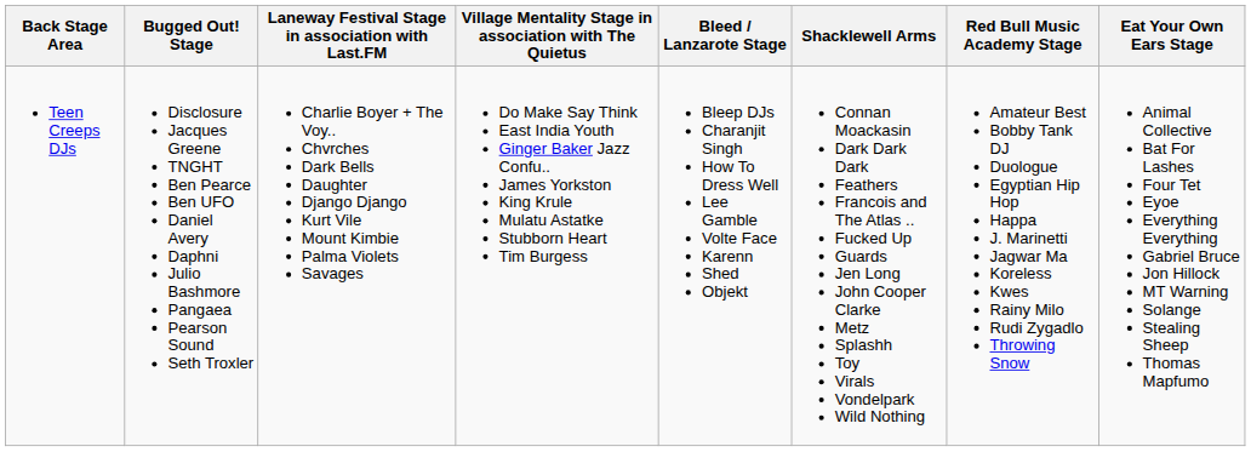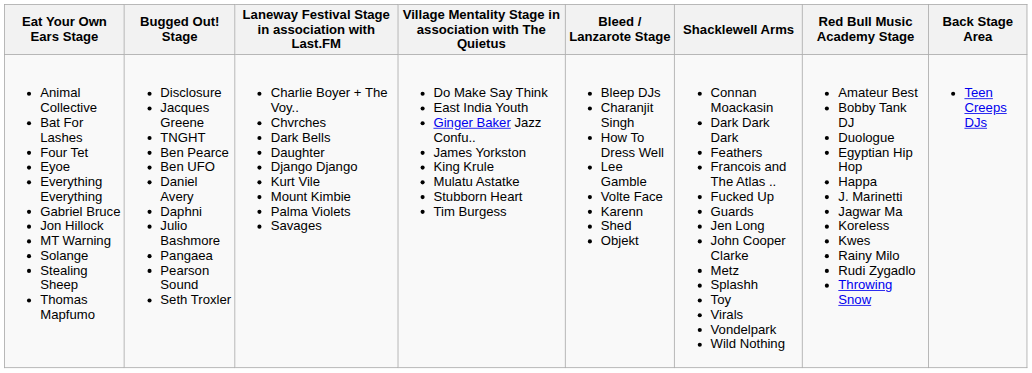 <table class="wikitable">
 <tr>
-<th>Back Stage Area</th>
+<th>Eat Your Own Ears Stage</th>
 <th>Bugged Out! Stage</th>
 <th>Laneway Festival Stage in association with Last.FM</th>
 <th>Village Mentality Stage in association with The Quietus</th>
 <th>Bleed / Lanzarote Stage</th>
 <th>Shacklewell Arms</th>
 <th>Red Bull Music Academy Stage</th>
-<th>Eat Your Own Ears Stage</th>
+<th>Back Stage Area</th>
 </tr>
 <tr valign="top">
-<td><br><ul><li><a href='#'>Teen Creeps DJs</a></li></ul></td>
+<td><br><ul><li>Animal Collective</li><li>Bat For Lashes</li><li>Four Tet</li><li>Eyoe</li><li>Everything Everything</li><li>Gabriel Bruce</li><li>Jon Hillock</li><li>MT Warning</li><li>Solange</li><li>Stealing Sheep</li><li>Thomas Mapfumo</li></ul></td>
 <td><br><ul><li>Disclosure</li><li>Jacques Greene</li><li>TNGHT</li><li>Ben Pearce</li><li>Ben UFO</li><li>Daniel Avery</li><li>Daphni</li><li>Julio Bashmore</li><li>Pangaea</li><li>Pearson Sound</li><li>Seth Troxler</li></ul></td>
 <td><br><ul><li>Charlie Boyer + The Voy..</li><li>Chvrches</li><li>Dark Bells</li><li>Daughter</li><li>Django Django</li><li>Kurt Vile</li><li>Mount Kimbie</li><li>Palma Violets</li><li>Savages</li></ul></td>
 <td><br><ul><li>Do Make Say Think</li><li>East India Youth</li><li><a href='#'>Ginger Baker</a> Jazz Confu..</li><li>James Yorkston</li><li>King Krule</li><li>Mulatu Astatke</li><li>Stubborn Heart</li><li>Tim Burgess</li></ul></td>
 <td><br><ul><li>Bleep DJs</li><li>Charanjit Singh</li><li>How To Dress Well</li><li>Lee Gamble</li><li>Volte Face</li><li>Karenn</li><li>Shed</li><li>Objekt</li></ul></td>
 <td><br><ul><li>Connan Moackasin</li><li>Dark Dark Dark</li><li>Feathers</li><li>Francois and The Atlas ..</li><li>Fucked Up</li><li>Guards</li><li>Jen Long</li><li>John Cooper Clarke</li><li>Metz</li><li>Splashh</li><li>Toy</li><li>Virals</li><li>Vondelpark</li><li>Wild Nothing</li></ul></td>
 <td><br><ul><li>Amateur Best</li><li>Bobby Tank DJ</li><li>Duologue</li><li>Egyptian Hip Hop</li><li>Happa</li><li>J. Marinetti</li><li>Jagwar Ma</li><li>Koreless</li><li>Kwes</li><li>Rainy Milo</li><li>Rudi Zygadlo</li><li><a href='#'>Throwing Snow</a></li></ul></td>
-<td><br><ul><li>Animal Collective</li><li>Bat For Lashes</li><li>Four Tet</li><li>Eyoe</li><li>Everything Everything</li><li>Gabriel Bruce</li><li>Jon Hillock</li><li>MT Warning</li><li>Solange</li><li>Stealing Sheep</li><li>Thomas Mapfumo</li></ul></td>
+<td><br><ul><li><a href='#'>Teen Creeps DJs</a></li></ul></td>
 </tr>
 </table>
